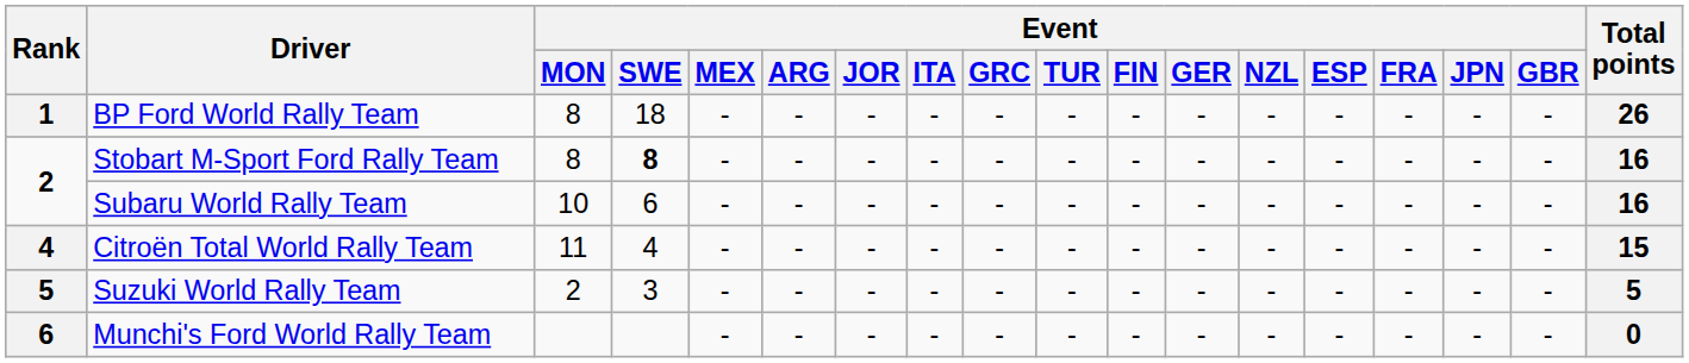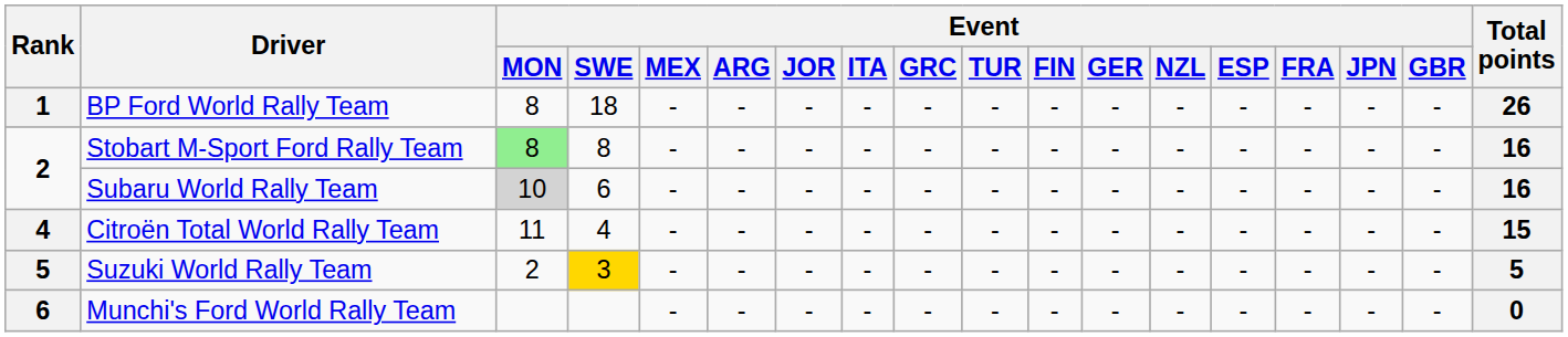 <table class="wikitable" style="text-align:center; font-size:90%;">
 <tr>
 <th rowspan=2>Rank</th>
 <th rowspan=2 style="width:16em">Driver</th>
 <th colspan=15>Event</th>
 <th rowspan=2>Total<br>points</th>
 </tr>
 <tr valign="top">
 <th><a href='#'>MON</a><br></th>
 <th><a href='#'>SWE</a><br></th>
 <th><a href='#'>MEX</a><br></th>
 <th><a href='#'>ARG</a><br></th>
 <th><a href='#'>JOR</a><br></th>
 <th><a href='#'>ITA</a><br></th>
 <th><a href='#'>GRC</a><br></th>
 <th><a href='#'>TUR</a><br></th>
 <th><a href='#'>FIN</a><br></th>
 <th><a href='#'>GER</a><br></th>
 <th><a href='#'>NZL</a><br></th>
 <th><a href='#'>ESP</a><br></th>
 <th><a href='#'>FRA</a><br></th>
 <th><a href='#'>JPN</a><br></th>
 <th><a href='#'>GBR</a><br></th>
 </tr>
 <tr>
 <th>1</th>
 <td align="left"> <a href='#'>BP Ford World Rally Team</a></td>
 <td>8</td>
 <td>18</td>
 <td>-</td>
 <td>-</td>
 <td>-</td>
 <td>-</td>
 <td>-</td>
 <td>-</td>
 <td>-</td>
 <td>-</td>
 <td>-</td>
 <td>-</td>
 <td>-</td>
 <td>-</td>
 <td>-</td>
 <th>26</th>
 </tr>
 <tr>
 <td rowspan="2"><strong>2</strong></td>
 <td align="left"> <a href='#'>Stobart M-Sport Ford Rally Team</a></td>
+<td style="background: lightgreen;">8</td>
 <td>8</td>
-<td><strong>8</strong></td>
 <td>-</td>
 <td>-</td>
 <td>-</td>
 <td>-</td>
 <td>-</td>
 <td>-</td>
 <td>-</td>
 <td>-</td>
 <td>-</td>
 <td>-</td>
 <td>-</td>
 <td>-</td>
 <td>-</td>
 <th>16</th>
 </tr>
 <tr>
 <td align="left"> <a href='#'>Subaru World Rally Team</a></td>
-<td>10</td>
+<td style="background: lightgrey;">10</td>
 <td>6</td>
 <td>-</td>
 <td>-</td>
 <td>-</td>
 <td>-</td>
 <td>-</td>
 <td>-</td>
 <td>-</td>
 <td>-</td>
 <td>-</td>
 <td>-</td>
 <td>-</td>
 <td>-</td>
 <td>-</td>
 <th>16</th>
 </tr>
 <tr>
 <th>4</th>
 <td align="left"> <a href='#'>Citroën Total World Rally Team</a></td>
 <td>11</td>
 <td>4</td>
 <td>-</td>
 <td>-</td>
 <td>-</td>
 <td>-</td>
 <td>-</td>
 <td>-</td>
 <td>-</td>
 <td>-</td>
 <td>-</td>
 <td>-</td>
 <td>-</td>
 <td>-</td>
 <td>-</td>
 <th>15</th>
 </tr>
 <tr>
 <th>5</th>
 <td align="left"> <a href='#'>Suzuki World Rally Team</a></td>
 <td>2</td>
-<td>3</td>
+<td style="background: gold;">3</td>
 <td>-</td>
 <td>-</td>
 <td>-</td>
 <td>-</td>
 <td>-</td>
 <td>-</td>
 <td>-</td>
 <td>-</td>
 <td>-</td>
 <td>-</td>
 <td>-</td>
 <td>-</td>
 <td>-</td>
 <th>5</th>
 </tr>
 <tr>
 <th>6</th>
 <td align="left"> <a href='#'>Munchi's Ford World Rally Team</a></td>
 <td></td>
 <td></td>
 <td>-</td>
 <td>-</td>
 <td>-</td>
 <td>-</td>
 <td>-</td>
 <td>-</td>
 <td>-</td>
 <td>-</td>
 <td>-</td>
 <td>-</td>
 <td>-</td>
 <td>-</td>
 <td>-</td>
 <th>0</th>
 </tr>
 </table>
